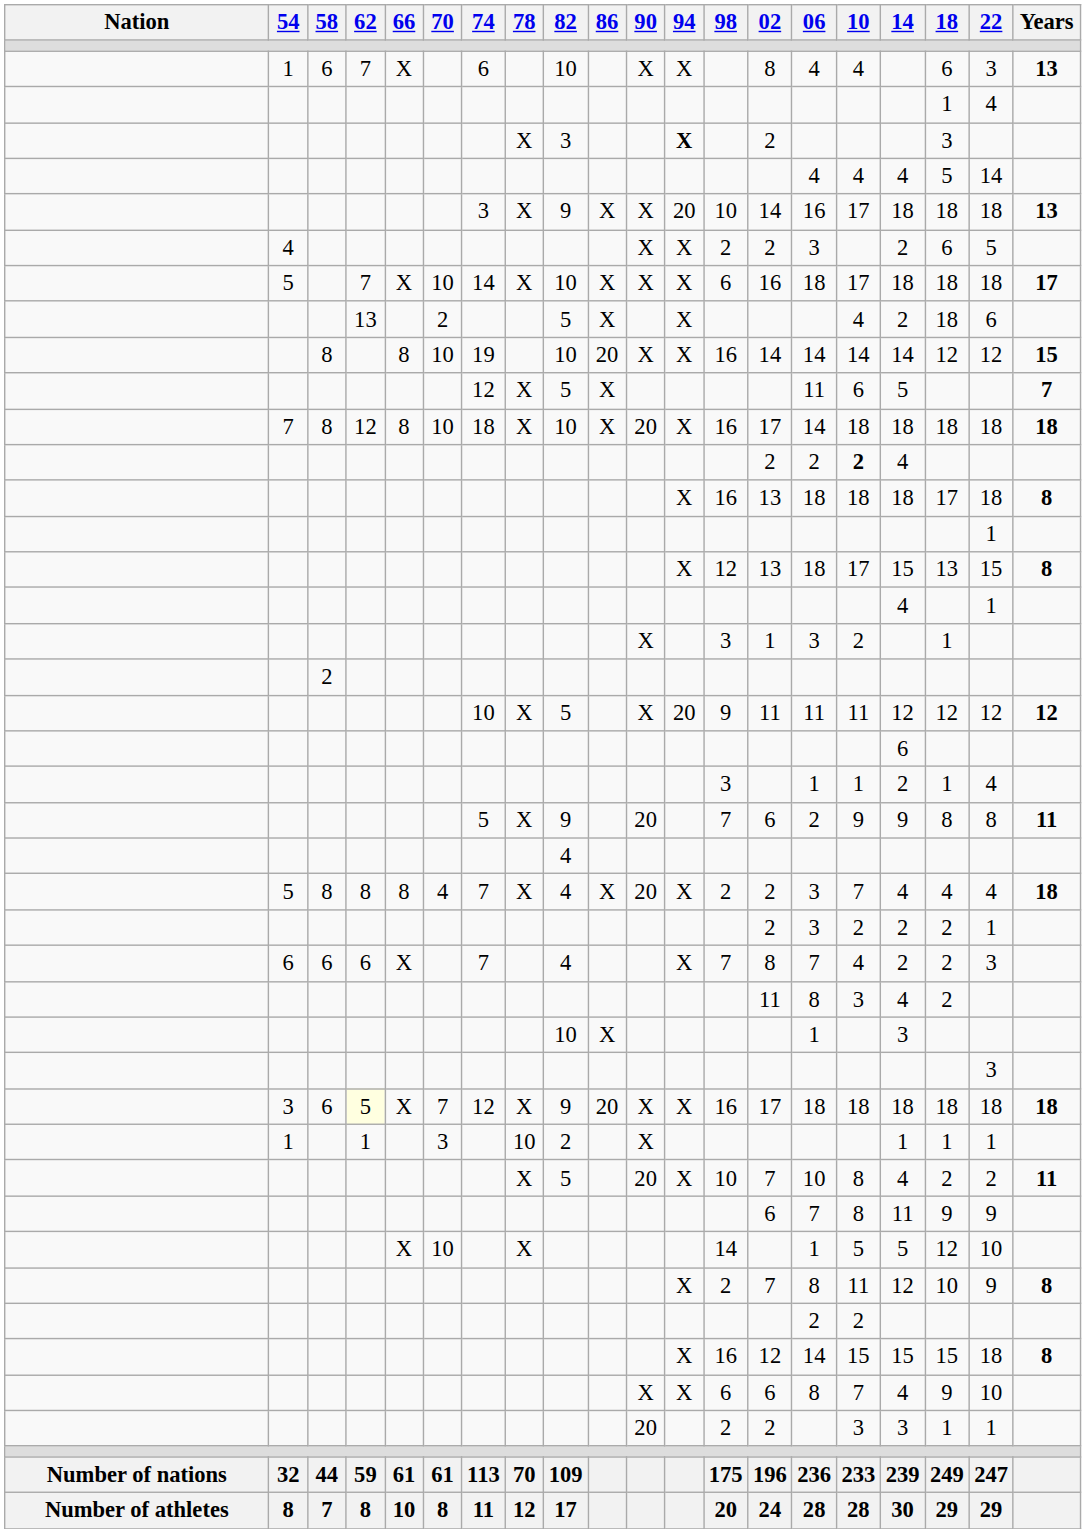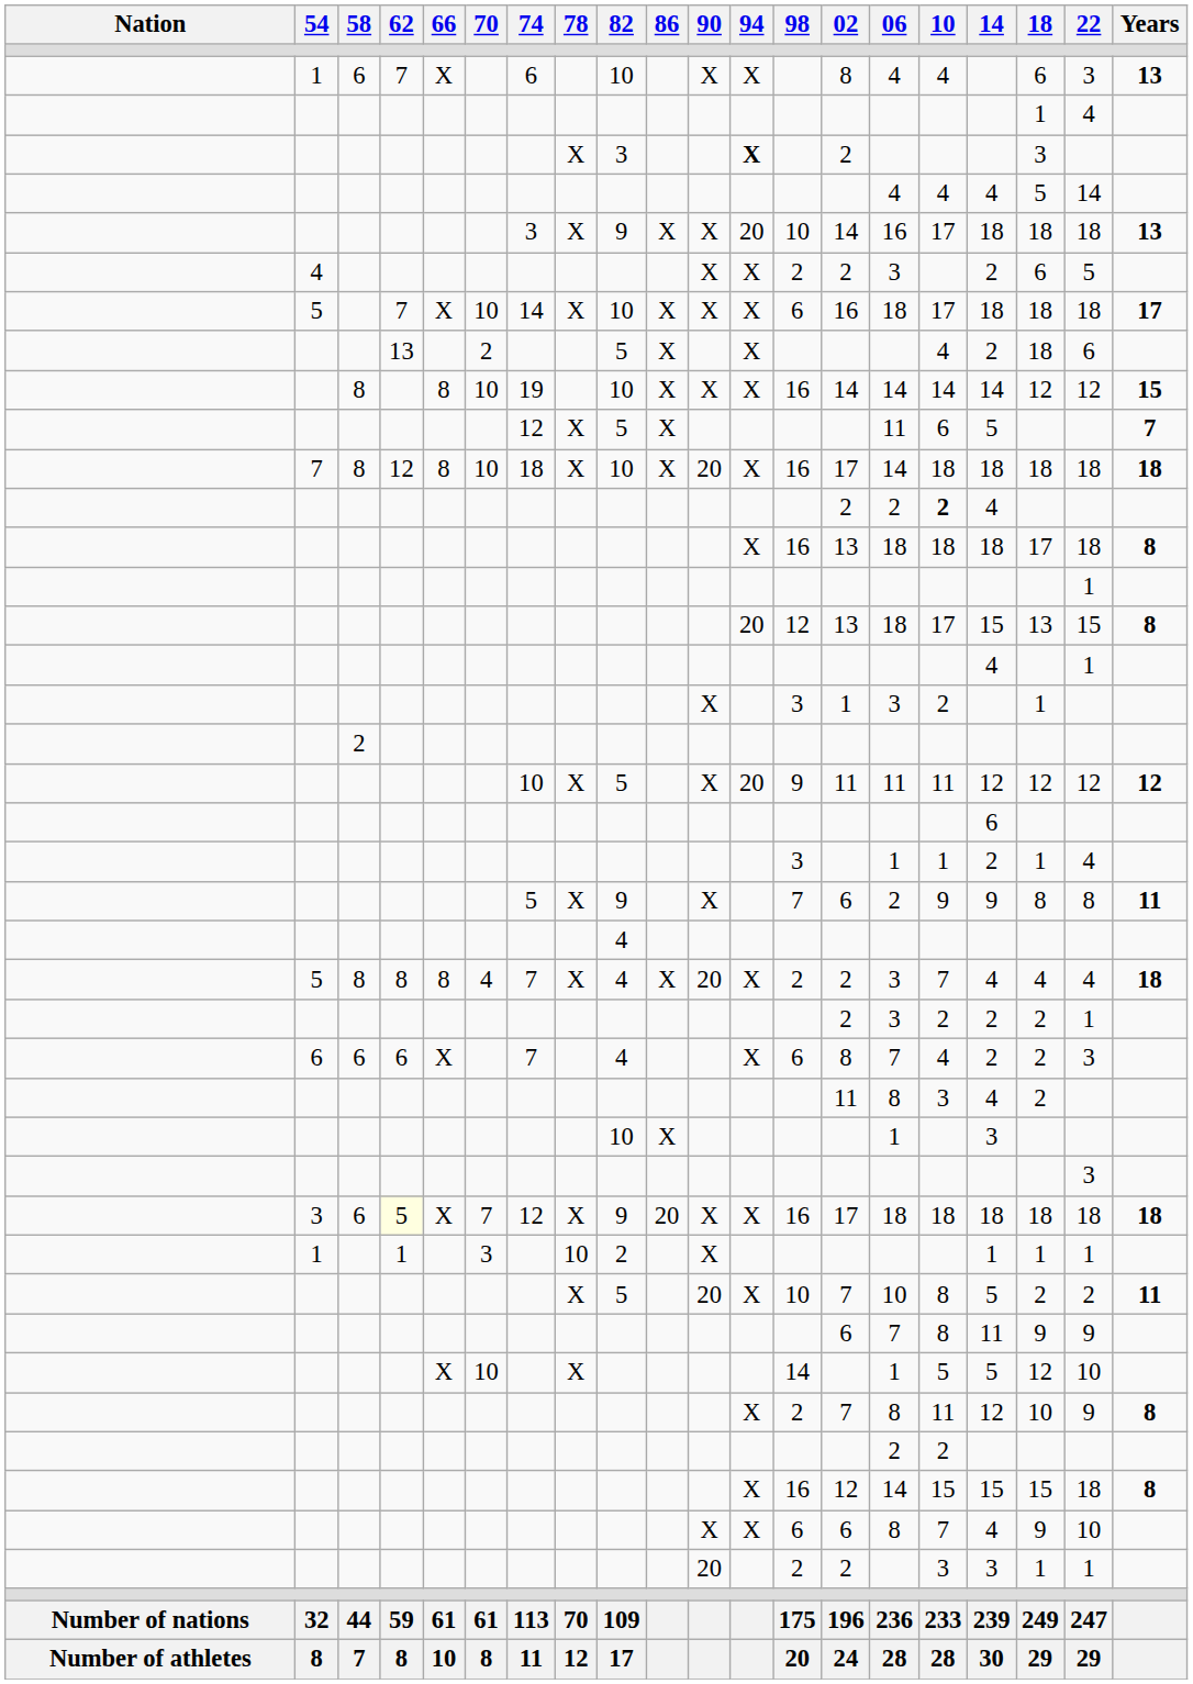 <table class="wikitable" style="text-align:center;">
 <tr>
 <th width=180>Nation</th>
 <th width=20><a href='#'>54</a></th>
 <th width=20><a href='#'>58</a></th>
 <th width=20><a href='#'>62</a></th>
 <th width=20><a href='#'>66</a></th>
 <th width=20><a href='#'>70</a></th>
 <th width=20><a href='#'>74</a></th>
 <th width=20><a href='#'>78</a></th>
 <th width=20><a href='#'>82</a></th>
 <th width=20><a href='#'>86</a></th>
 <th width=20><a href='#'>90</a></th>
 <th width=20><a href='#'>94</a></th>
 <th width=20><a href='#'>98</a></th>
 <th width=20><a href='#'>02</a></th>
 <th width=20><a href='#'>06</a></th>
 <th width=20><a href='#'>10</a></th>
 <th width=20><a href='#'>14</a></th>
 <th width=20><a href='#'>18</a></th>
 <th width=20><a href='#'>22</a></th>
 <th width=40>Years</th>
 </tr>
 <tr bgcolor=#DDDDDD>
 <td colspan=20></td>
 </tr>
 <tr>
 <td align=left></td>
 <td>1</td>
 <td>6</td>
 <td>7</td>
 <td>X</td>
 <td></td>
 <td>6</td>
 <td></td>
 <td>10</td>
 <td></td>
 <td>X</td>
 <td>X</td>
 <td></td>
 <td>8</td>
 <td>4</td>
 <td>4</td>
 <td></td>
 <td>6</td>
 <td>3</td>
 <td><strong>13</strong></td>
 </tr>
 <tr>
 <td align=left></td>
 <td></td>
 <td></td>
 <td></td>
 <td></td>
 <td></td>
 <td></td>
 <td></td>
 <td></td>
 <td></td>
 <td></td>
 <td></td>
 <td></td>
 <td></td>
 <td></td>
 <td></td>
 <td></td>
 <td>1</td>
 <td>4</td>
 <td><strong> </strong></td>
 </tr>
 <tr>
 <td align=left></td>
 <td></td>
 <td></td>
 <td></td>
 <td></td>
 <td></td>
 <td></td>
 <td>X</td>
 <td>3</td>
 <td></td>
 <td></td>
 <td><strong>X</strong></td>
 <td></td>
 <td>2</td>
 <td></td>
 <td></td>
 <td></td>
 <td>3</td>
 <td></td>
 <td><strong> </strong></td>
 </tr>
 <tr>
 <td align=left></td>
 <td></td>
 <td></td>
 <td></td>
 <td></td>
 <td></td>
 <td></td>
 <td></td>
 <td></td>
 <td></td>
 <td></td>
 <td></td>
 <td></td>
 <td></td>
 <td>4</td>
 <td>4</td>
 <td>4</td>
 <td>5</td>
 <td>14</td>
 <td><strong> </strong></td>
 </tr>
 <tr>
 <td align=left></td>
 <td></td>
 <td></td>
 <td></td>
 <td></td>
 <td></td>
 <td>3</td>
 <td>X</td>
 <td>9</td>
 <td>X</td>
 <td>X</td>
 <td>20</td>
 <td>10</td>
 <td>14</td>
 <td>16</td>
 <td>17</td>
 <td>18</td>
 <td>18</td>
 <td>18</td>
 <td><strong>13</strong></td>
 </tr>
 <tr>
 <td align=left></td>
 <td>4</td>
 <td></td>
 <td></td>
 <td></td>
 <td></td>
 <td></td>
 <td></td>
 <td></td>
 <td></td>
 <td>X</td>
 <td>X</td>
 <td>2</td>
 <td>2</td>
 <td>3</td>
 <td></td>
 <td>2</td>
 <td>6</td>
 <td>5</td>
 <td><strong> </strong></td>
 </tr>
 <tr>
 <td align=left></td>
 <td>5</td>
 <td></td>
 <td>7</td>
 <td>X</td>
 <td>10</td>
 <td>14</td>
 <td>X</td>
 <td>10</td>
 <td>X</td>
 <td>X</td>
 <td>X</td>
 <td>6</td>
 <td>16</td>
 <td>18</td>
 <td>17</td>
 <td>18</td>
 <td>18</td>
 <td>18</td>
 <td><strong>17</strong></td>
 </tr>
 <tr>
 <td align=left></td>
 <td></td>
 <td></td>
 <td>13</td>
 <td></td>
 <td>2</td>
 <td></td>
 <td></td>
 <td>5</td>
 <td>X</td>
 <td></td>
 <td>X</td>
 <td></td>
 <td></td>
 <td></td>
 <td>4</td>
 <td>2</td>
 <td>18</td>
 <td>6</td>
 <td><strong> </strong></td>
 </tr>
 <tr>
 <td align=left></td>
 <td></td>
 <td>8</td>
 <td></td>
 <td>8</td>
 <td>10</td>
 <td>19</td>
 <td></td>
 <td>10</td>
-<td>20</td>
+<td>X</td>
 <td>X</td>
 <td>X</td>
 <td>16</td>
 <td>14</td>
 <td>14</td>
 <td>14</td>
 <td>14</td>
 <td>12</td>
 <td>12</td>
 <td><strong>15</strong></td>
 </tr>
 <tr>
 <td align=left></td>
 <td></td>
 <td></td>
 <td></td>
 <td></td>
 <td></td>
 <td>12</td>
 <td>X</td>
 <td>5</td>
 <td>X</td>
 <td></td>
 <td></td>
 <td></td>
 <td></td>
 <td>11</td>
 <td>6</td>
 <td>5</td>
 <td></td>
 <td></td>
 <td><strong>7</strong></td>
 </tr>
 <tr>
 <td align=left></td>
 <td>7</td>
 <td>8</td>
 <td>12</td>
 <td>8</td>
 <td>10</td>
 <td>18</td>
 <td>X</td>
 <td>10</td>
 <td>X</td>
 <td>20</td>
 <td>X</td>
 <td>16</td>
 <td>17</td>
 <td>14</td>
 <td>18</td>
 <td>18</td>
 <td>18</td>
 <td>18</td>
 <td><strong>18</strong></td>
 </tr>
 <tr>
 <td align=left></td>
 <td></td>
 <td></td>
 <td></td>
 <td></td>
 <td></td>
 <td></td>
 <td></td>
 <td></td>
 <td></td>
 <td></td>
 <td></td>
 <td></td>
 <td>2</td>
 <td>2</td>
 <td><strong>2</strong></td>
 <td>4</td>
 <td></td>
 <td></td>
 <td><strong> </strong></td>
 </tr>
 <tr>
 <td align=left></td>
 <td></td>
 <td></td>
 <td></td>
 <td></td>
 <td></td>
 <td></td>
 <td></td>
 <td></td>
 <td></td>
 <td></td>
 <td>X</td>
 <td>16</td>
 <td>13</td>
 <td>18</td>
 <td>18</td>
 <td>18</td>
 <td>17</td>
 <td>18</td>
 <td><strong>8</strong></td>
 </tr>
 <tr>
 <td align=left></td>
 <td></td>
 <td></td>
 <td></td>
 <td></td>
 <td></td>
 <td></td>
 <td></td>
 <td></td>
 <td></td>
 <td></td>
 <td></td>
 <td></td>
 <td></td>
 <td></td>
 <td></td>
 <td></td>
 <td></td>
 <td>1</td>
 <td><strong> </strong></td>
 </tr>
 <tr>
 <td align=left></td>
 <td></td>
 <td></td>
 <td></td>
 <td></td>
 <td></td>
 <td></td>
 <td></td>
 <td></td>
 <td></td>
 <td></td>
-<td>X</td>
+<td>20</td>
 <td>12</td>
 <td>13</td>
 <td>18</td>
 <td>17</td>
 <td>15</td>
 <td>13</td>
 <td>15</td>
 <td><strong>8</strong></td>
 </tr>
 <tr>
 <td align=left></td>
 <td></td>
 <td></td>
 <td></td>
 <td></td>
 <td></td>
 <td></td>
 <td></td>
 <td></td>
 <td></td>
 <td></td>
 <td></td>
 <td></td>
 <td></td>
 <td></td>
 <td></td>
 <td>4</td>
 <td></td>
 <td>1</td>
 <td><strong> </strong></td>
 </tr>
 <tr>
 <td align=left></td>
 <td></td>
 <td></td>
 <td></td>
 <td></td>
 <td></td>
 <td></td>
 <td></td>
 <td></td>
 <td></td>
 <td>X</td>
 <td></td>
 <td>3</td>
 <td>1</td>
 <td>3</td>
 <td>2</td>
 <td></td>
 <td>1</td>
 <td></td>
 <td><strong> </strong></td>
 </tr>
 <tr>
 <td align=left></td>
 <td></td>
 <td>2</td>
 <td></td>
 <td></td>
 <td></td>
 <td></td>
 <td></td>
 <td></td>
 <td></td>
 <td></td>
 <td></td>
 <td></td>
 <td></td>
 <td></td>
 <td></td>
 <td></td>
 <td></td>
 <td></td>
 <td><strong> </strong></td>
 </tr>
 <tr>
 <td align=left></td>
 <td></td>
 <td></td>
 <td></td>
 <td></td>
 <td></td>
 <td>10</td>
 <td>X</td>
 <td>5</td>
 <td></td>
 <td>X</td>
 <td>20</td>
 <td>9</td>
 <td>11</td>
 <td>11</td>
 <td>11</td>
 <td>12</td>
 <td>12</td>
 <td>12</td>
 <td><strong>12</strong></td>
 </tr>
 <tr>
 <td align=left></td>
 <td></td>
 <td></td>
 <td></td>
 <td></td>
 <td></td>
 <td></td>
 <td></td>
 <td></td>
 <td></td>
 <td></td>
 <td></td>
 <td></td>
 <td></td>
 <td></td>
 <td></td>
 <td>6</td>
 <td></td>
 <td></td>
 <td><strong> </strong></td>
 </tr>
 <tr>
 <td align=left></td>
 <td></td>
 <td></td>
 <td></td>
 <td></td>
 <td></td>
 <td></td>
 <td></td>
 <td></td>
 <td></td>
 <td></td>
 <td></td>
 <td>3</td>
 <td></td>
 <td>1</td>
 <td>1</td>
 <td>2</td>
 <td>1</td>
 <td>4</td>
 <td><strong> </strong></td>
 </tr>
 <tr>
 <td align=left></td>
 <td></td>
 <td></td>
 <td></td>
 <td></td>
 <td></td>
 <td>5</td>
 <td>X</td>
 <td>9</td>
 <td></td>
-<td>20</td>
+<td>X</td>
 <td></td>
 <td>7</td>
 <td>6</td>
 <td>2</td>
 <td>9</td>
 <td>9</td>
 <td>8</td>
 <td>8</td>
 <td><strong>11</strong></td>
 </tr>
 <tr>
 <td align=left></td>
 <td></td>
 <td></td>
 <td></td>
 <td></td>
 <td></td>
 <td></td>
 <td></td>
 <td>4</td>
 <td></td>
 <td></td>
 <td></td>
 <td></td>
 <td></td>
 <td></td>
 <td></td>
 <td></td>
 <td></td>
 <td></td>
 <td><strong> </strong></td>
 </tr>
 <tr>
 <td align=left></td>
 <td>5</td>
 <td>8</td>
 <td>8</td>
 <td>8</td>
 <td>4</td>
 <td>7</td>
 <td>X</td>
 <td>4</td>
 <td>X</td>
 <td>20</td>
 <td>X</td>
 <td>2</td>
 <td>2</td>
 <td>3</td>
 <td>7</td>
 <td>4</td>
 <td>4</td>
 <td>4</td>
 <td><strong>18</strong></td>
 </tr>
 <tr>
 <td align=left></td>
 <td></td>
 <td></td>
 <td></td>
 <td></td>
 <td></td>
 <td></td>
 <td></td>
 <td></td>
 <td></td>
 <td></td>
 <td></td>
 <td></td>
 <td>2</td>
 <td>3</td>
 <td>2</td>
 <td>2</td>
 <td>2</td>
 <td>1</td>
 <td><strong> </strong></td>
 </tr>
 <tr>
 <td align=left></td>
 <td>6</td>
 <td>6</td>
 <td>6</td>
 <td>X</td>
 <td></td>
 <td>7</td>
 <td></td>
 <td>4</td>
 <td></td>
 <td></td>
 <td>X</td>
-<td>7</td>
+<td>6</td>
 <td>8</td>
 <td>7</td>
 <td>4</td>
 <td>2</td>
 <td>2</td>
 <td>3</td>
 <td><strong> </strong></td>
 </tr>
 <tr>
 <td align=left></td>
 <td></td>
 <td></td>
 <td></td>
 <td></td>
 <td></td>
 <td></td>
 <td></td>
 <td></td>
 <td></td>
 <td></td>
 <td></td>
 <td></td>
 <td>11</td>
 <td>8</td>
 <td>3</td>
 <td>4</td>
 <td>2</td>
 <td></td>
 <td><strong> </strong></td>
 </tr>
 <tr>
 <td align=left></td>
 <td></td>
 <td></td>
 <td></td>
 <td></td>
 <td></td>
 <td></td>
 <td></td>
 <td>10</td>
 <td>X</td>
 <td></td>
 <td></td>
 <td></td>
 <td></td>
 <td>1</td>
 <td></td>
 <td>3</td>
 <td></td>
 <td></td>
 <td><strong> </strong></td>
 </tr>
 <tr>
 <td align=left></td>
 <td></td>
 <td></td>
 <td></td>
 <td></td>
 <td></td>
 <td></td>
 <td></td>
 <td></td>
 <td></td>
 <td></td>
 <td></td>
 <td></td>
 <td></td>
 <td></td>
 <td></td>
 <td></td>
 <td></td>
 <td>3</td>
 <td><strong> </strong></td>
 </tr>
 <tr>
 <td align=left></td>
 <td>3</td>
 <td>6</td>
 <td style="background: lightyellow;">5</td>
 <td>X</td>
 <td>7</td>
 <td>12</td>
 <td>X</td>
 <td>9</td>
 <td>20</td>
 <td>X</td>
 <td>X</td>
 <td>16</td>
 <td>17</td>
 <td>18</td>
 <td>18</td>
 <td>18</td>
 <td>18</td>
 <td>18</td>
 <td><strong>18</strong></td>
 </tr>
 <tr>
 <td align=left></td>
 <td>1</td>
 <td></td>
 <td>1</td>
 <td></td>
 <td>3</td>
 <td></td>
 <td>10</td>
 <td>2</td>
 <td></td>
 <td>X</td>
 <td></td>
 <td></td>
 <td></td>
 <td></td>
 <td></td>
 <td>1</td>
 <td>1</td>
 <td>1</td>
 <td><strong> </strong></td>
 </tr>
 <tr>
 <td align=left></td>
 <td></td>
 <td></td>
 <td></td>
 <td></td>
 <td></td>
 <td></td>
 <td>X</td>
 <td>5</td>
 <td></td>
 <td>20</td>
 <td>X</td>
 <td>10</td>
 <td>7</td>
 <td>10</td>
 <td>8</td>
-<td>4</td>
+<td>5</td>
 <td>2</td>
 <td>2</td>
 <td><strong>11</strong></td>
 </tr>
 <tr>
 <td align=left></td>
 <td></td>
 <td></td>
 <td></td>
 <td></td>
 <td></td>
 <td></td>
 <td></td>
 <td></td>
 <td></td>
 <td></td>
 <td></td>
 <td></td>
 <td>6</td>
 <td>7</td>
 <td>8</td>
 <td>11</td>
 <td>9</td>
 <td>9</td>
 <td><strong> </strong></td>
 </tr>
 <tr>
 <td align=left></td>
 <td></td>
 <td></td>
 <td></td>
 <td>X</td>
 <td>10</td>
 <td></td>
 <td>X</td>
 <td></td>
 <td></td>
 <td></td>
 <td></td>
 <td>14</td>
 <td></td>
 <td>1</td>
 <td>5</td>
 <td>5</td>
 <td>12</td>
 <td>10</td>
 <td><strong> </strong></td>
 </tr>
 <tr>
 <td align=left></td>
 <td></td>
 <td></td>
 <td></td>
 <td></td>
 <td></td>
 <td></td>
 <td></td>
 <td></td>
 <td></td>
 <td></td>
 <td>X</td>
 <td>2</td>
 <td>7</td>
 <td>8</td>
 <td>11</td>
 <td>12</td>
 <td>10</td>
 <td>9</td>
 <td><strong>8</strong></td>
 </tr>
 <tr>
 <td align=left></td>
 <td></td>
 <td></td>
 <td></td>
 <td></td>
 <td></td>
 <td></td>
 <td></td>
 <td></td>
 <td></td>
 <td></td>
 <td></td>
 <td></td>
 <td></td>
 <td>2</td>
 <td>2</td>
 <td></td>
 <td></td>
 <td></td>
 <td><strong> </strong></td>
 </tr>
 <tr>
 <td align=left></td>
 <td></td>
 <td></td>
 <td></td>
 <td></td>
 <td></td>
 <td></td>
 <td></td>
 <td></td>
 <td></td>
 <td></td>
 <td>X</td>
 <td>16</td>
 <td>12</td>
 <td>14</td>
 <td>15</td>
 <td>15</td>
 <td>15</td>
 <td>18</td>
 <td><strong>8</strong></td>
 </tr>
 <tr>
 <td align=left></td>
 <td></td>
 <td></td>
 <td></td>
 <td></td>
 <td></td>
 <td></td>
 <td></td>
 <td></td>
 <td></td>
 <td>X</td>
 <td>X</td>
 <td>6</td>
 <td>6</td>
 <td>8</td>
 <td>7</td>
 <td>4</td>
 <td>9</td>
 <td>10</td>
 <td><strong> </strong></td>
 </tr>
 <tr>
 <td align=left></td>
 <td></td>
 <td></td>
 <td></td>
 <td></td>
 <td></td>
 <td></td>
 <td></td>
 <td></td>
 <td></td>
 <td>20</td>
 <td></td>
 <td>2</td>
 <td>2</td>
 <td></td>
 <td>3</td>
 <td>3</td>
 <td>1</td>
 <td>1</td>
 <td><strong> </strong></td>
 </tr>
 <tr bgcolor=#DDDDDD>
 <td colspan=20></td>
 </tr>
 <tr>
 <th>Number of nations</th>
 <th>32</th>
 <th>44</th>
 <th>59</th>
 <th>61</th>
 <th>61</th>
 <th>113</th>
 <th>70</th>
 <th>109</th>
 <th></th>
 <th></th>
 <th></th>
 <th>175</th>
 <th>196</th>
 <th>236</th>
 <th>233</th>
 <th>239</th>
 <th>249</th>
 <th>247</th>
 <th></th>
 </tr>
 <tr>
 <th>Number of athletes</th>
 <th>8</th>
 <th>7</th>
 <th>8</th>
 <th>10</th>
 <th>8</th>
 <th>11</th>
 <th>12</th>
 <th>17</th>
 <th></th>
 <th></th>
 <th></th>
 <th>20</th>
 <th>24</th>
 <th>28</th>
 <th>28</th>
 <th>30</th>
 <th>29</th>
 <th>29</th>
 <th></th>
 </tr>
 </table>
